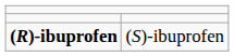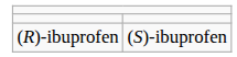 <table class="wikitable" style="float:right;text-align:center;">
 <tr>
 <td colspan = 2></td>
 </tr>
 <tr>
 <td></td>
 <td></td>
 </tr>
 <tr>
-<td><strong>(<em>R</em>)-ibuprofen</strong></td>
+<td>(<em>R</em>)-ibuprofen</td>
 <td>(<em>S</em>)-ibuprofen</td>
 </tr>
 </table>
